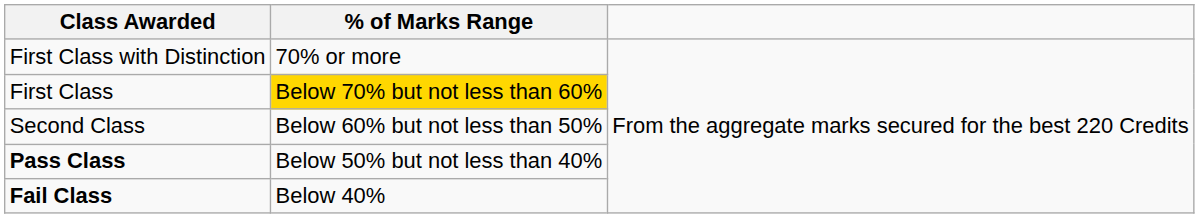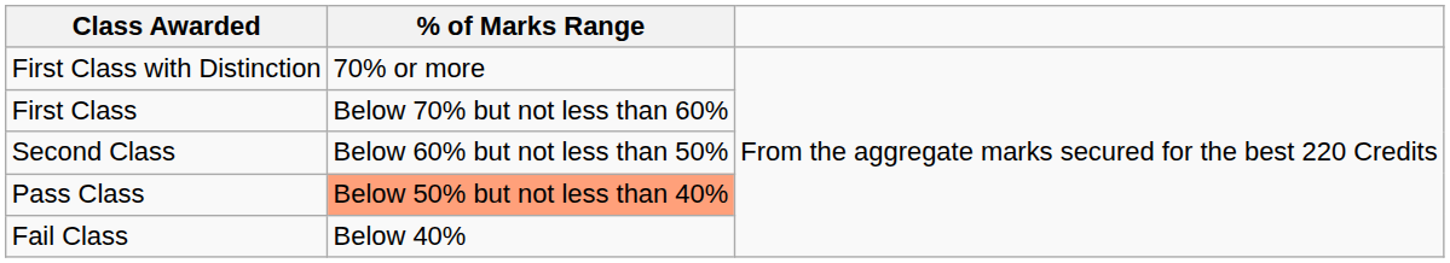 <table class="wikitable">
 <tr>
 <th>Class Awarded</th>
 <th>% of Marks Range</th>
 </tr>
 <tr>
 <td>First Class with Distinction</td>
 <td>70% or more</td>
 <td rowspan="5">From the aggregate marks secured for the best 220 Credits</td>
 </tr>
 <tr>
 <td>First Class</td>
-<td style="background: gold;">Below 70% but not less than 60%</td>
+<td>Below 70% but not less than 60%</td>
 </tr>
 <tr>
 <td>Second Class</td>
 <td>Below 60% but not less than 50%</td>
 </tr>
 <tr>
-<td><strong>Pass Class</strong></td>
-<td>Below 50% but not less than 40%</td>
+<td>Pass Class</td>
+<td style="background: lightsalmon;">Below 50% but not less than 40%</td>
 </tr>
 <tr>
-<td><strong>Fail Class</strong></td>
+<td>Fail Class</td>
 <td>Below 40%</td>
 </tr>
 </table>
